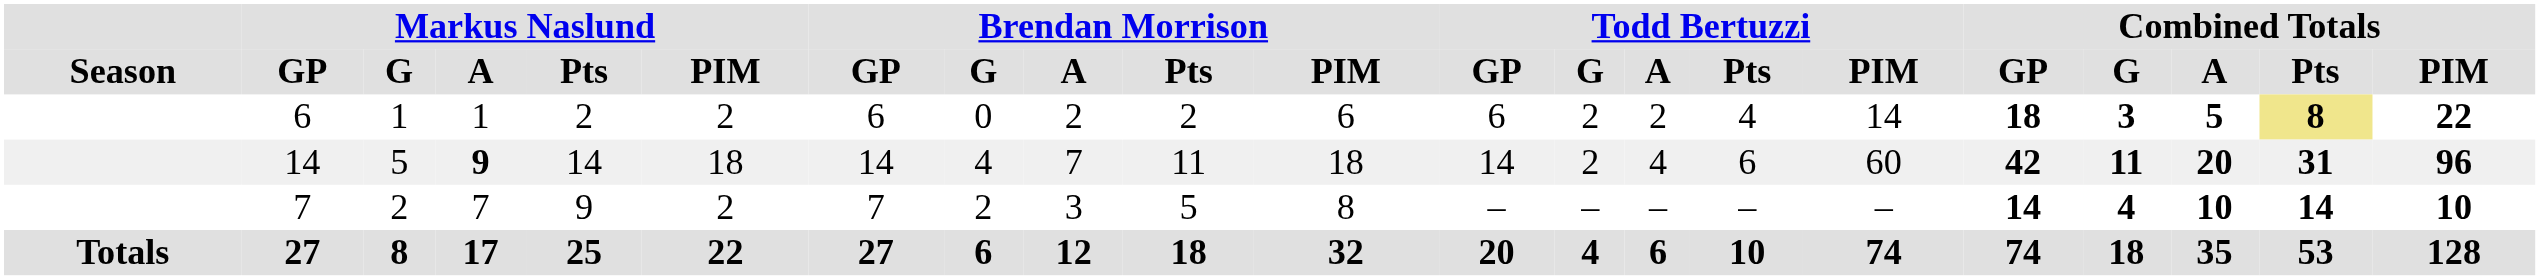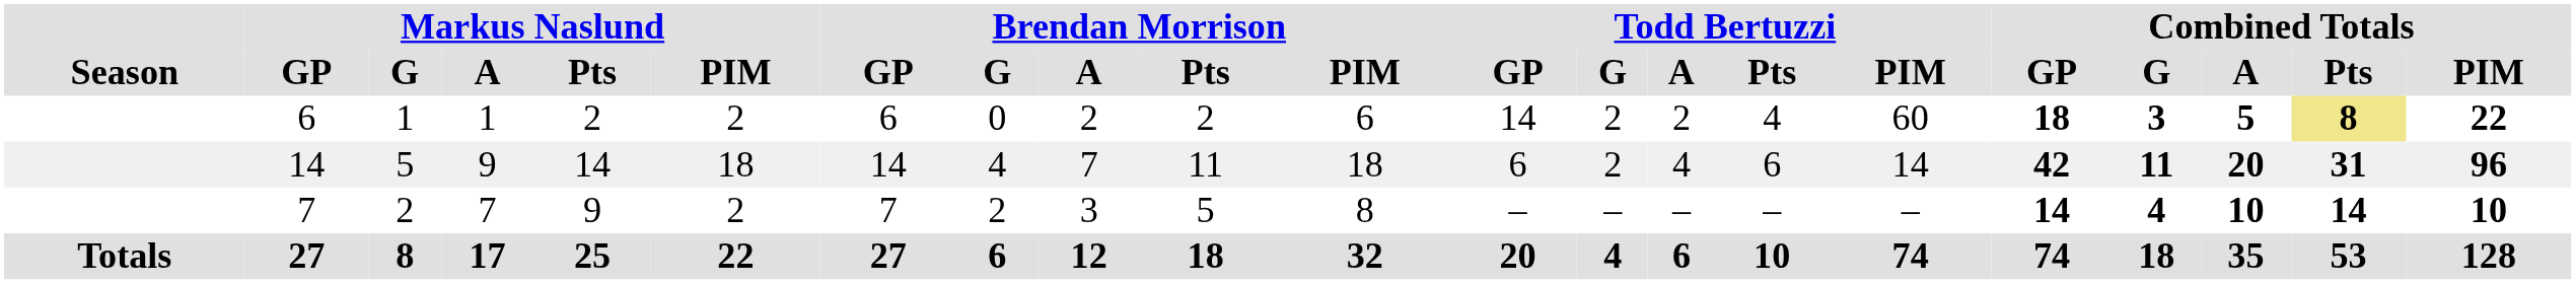 <table border="0" cellpadding="1" cellspacing="0" style="text-align:center; width:70em;">
 <tr style="background:#e0e0e0;">
 <th></th>
 <th colspan="5"><a href='#'>Markus Naslund</a></th>
 <th colspan="5"><a href='#'>Brendan Morrison</a></th>
 <th colspan="5"><a href='#'>Todd Bertuzzi</a></th>
 <th colspan="5">Combined Totals</th>
 </tr>
 <tr style="background:#e0e0e0;">
 <th>Season</th>
 <th>GP</th>
 <th>G</th>
 <th>A</th>
 <th>Pts</th>
 <th>PIM</th>
 <th>GP</th>
 <th>G</th>
 <th>A</th>
 <th>Pts</th>
 <th>PIM</th>
 <th>GP</th>
 <th>G</th>
 <th>A</th>
 <th>Pts</th>
 <th>PIM</th>
 <th>GP</th>
 <th>G</th>
 <th>A</th>
 <th>Pts</th>
 <th>PIM</th>
 </tr>
 <tr>
 <td></td>
 <td>6</td>
 <td>1</td>
 <td>1</td>
 <td>2</td>
 <td>2</td>
 <td>6</td>
 <td>0</td>
 <td>2</td>
 <td>2</td>
 <td>6</td>
-<td>6</td>
+<td>14</td>
 <td>2</td>
 <td>2</td>
 <td>4</td>
-<td>14</td>
+<td>60</td>
 <td><strong>18</strong></td>
 <td><strong>3</strong></td>
 <td><strong>5</strong></td>
 <td style="background: khaki;"><strong>8</strong></td>
 <td><strong>22</strong></td>
 </tr>
 <tr style="background:#f0f0f0;">
 <td></td>
 <td>14</td>
 <td>5</td>
-<td><strong>9</strong></td>
+<td>9</td>
 <td>14</td>
 <td>18</td>
 <td>14</td>
 <td>4</td>
 <td>7</td>
 <td>11</td>
 <td>18</td>
-<td>14</td>
+<td>6</td>
 <td>2</td>
 <td>4</td>
 <td>6</td>
-<td>60</td>
+<td>14</td>
 <td><strong>42</strong></td>
 <td><strong>11</strong></td>
 <td><strong>20</strong></td>
 <td><strong>31</strong></td>
 <td><strong>96</strong></td>
 </tr>
 <tr>
 <td></td>
 <td>7</td>
 <td>2</td>
 <td>7</td>
 <td>9</td>
 <td>2</td>
 <td>7</td>
 <td>2</td>
 <td>3</td>
 <td>5</td>
 <td>8</td>
 <td>–</td>
 <td>–</td>
 <td>–</td>
 <td>–</td>
 <td>–</td>
 <td><strong>14</strong></td>
 <td><strong>4</strong></td>
 <td><strong>10</strong></td>
 <td><strong>14</strong></td>
 <td><strong>10</strong></td>
 </tr>
 <tr style="background:#e0e0e0;">
 <th>Totals</th>
 <th>27</th>
 <th>8</th>
 <th>17</th>
 <th>25</th>
 <th>22</th>
 <th>27</th>
 <th>6</th>
 <th>12</th>
 <th>18</th>
 <th>32</th>
 <th>20</th>
 <th>4</th>
 <th>6</th>
 <th>10</th>
 <th>74</th>
 <th>74</th>
 <th>18</th>
 <th>35</th>
 <th>53</th>
 <th>128</th>
 </tr>
 </table>
